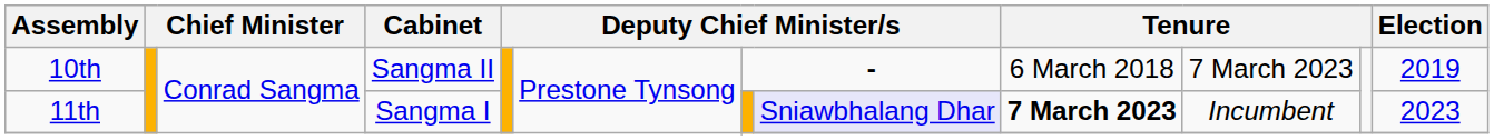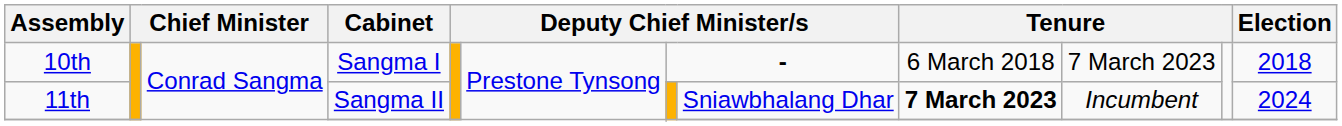 <table class="wikitable sortable" style="text-align:center">
 <tr>
 <th>Assembly</th>
 <th colspan="2">Chief Minister</th>
 <th>Cabinet</th>
 <th colspan="4">Deputy Chief Minister/s</th>
 <th colspan="3">Tenure</th>
 <th>Election</th>
 </tr>
 <tr>
 <td><a href='#'>10th</a></td>
 <td rowspan="2" style="background:#FDB200;"></td>
 <td rowspan="3"><a href='#'>Conrad Sangma</a></td>
-<td><a href='#'>Sangma II</a></td>
+<td><a href='#'>Sangma I</a></td>
 <td rowspan="2" style="background:#FDB200;"></td>
 <td colspan="1" rowspan="3"><a href='#'>Prestone Tynsong</a></td>
 <td colspan="2"><strong>-</strong></td>
 <td>6 March 2018</td>
 <td>7 March 2023</td>
 <td rowspan="2"></td>
-<td><a href='#'>2019</a></td>
+<td><a href='#'>2018</a></td>
 </tr>
 <tr>
 <td><a href='#'>11th</a></td>
-<td><a href='#'>Sangma I</a></td>
+<td><a href='#'>Sangma II</a></td>
 <td rowspan="2" style="background:#FDB200;"></td>
-<td style="background: lavender;"><a href='#'>Sniawbhalang Dhar</a></td>
+<td><a href='#'>Sniawbhalang Dhar</a></td>
 <td><strong>7 March 2023</strong></td>
 <td><em>Incumbent</em></td>
-<td><a href='#'>2023</a></td>
+<td><a href='#'>2024</a></td>
 </tr>
 <tr>
 </tr>
 </table>
